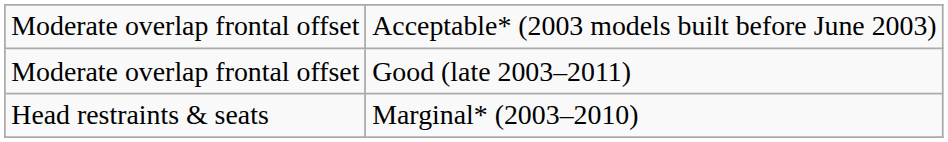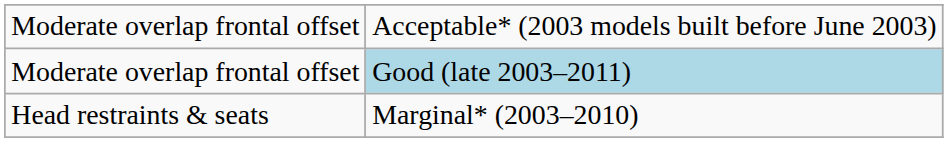 <table class="wikitable">
 <tr>
 <td>Moderate overlap frontal offset</td>
 <td>Acceptable* (2003 models built before June 2003)</td>
 </tr>
 <tr>
 <td>Moderate overlap frontal offset</td>
-<td>Good (late 2003–2011)</td>
+<td style="background: lightblue;">Good (late 2003–2011)</td>
 </tr>
 <tr>
 <td>Head restraints & seats</td>
 <td>Marginal* (2003–2010)</td>
 </tr>
 </table>
